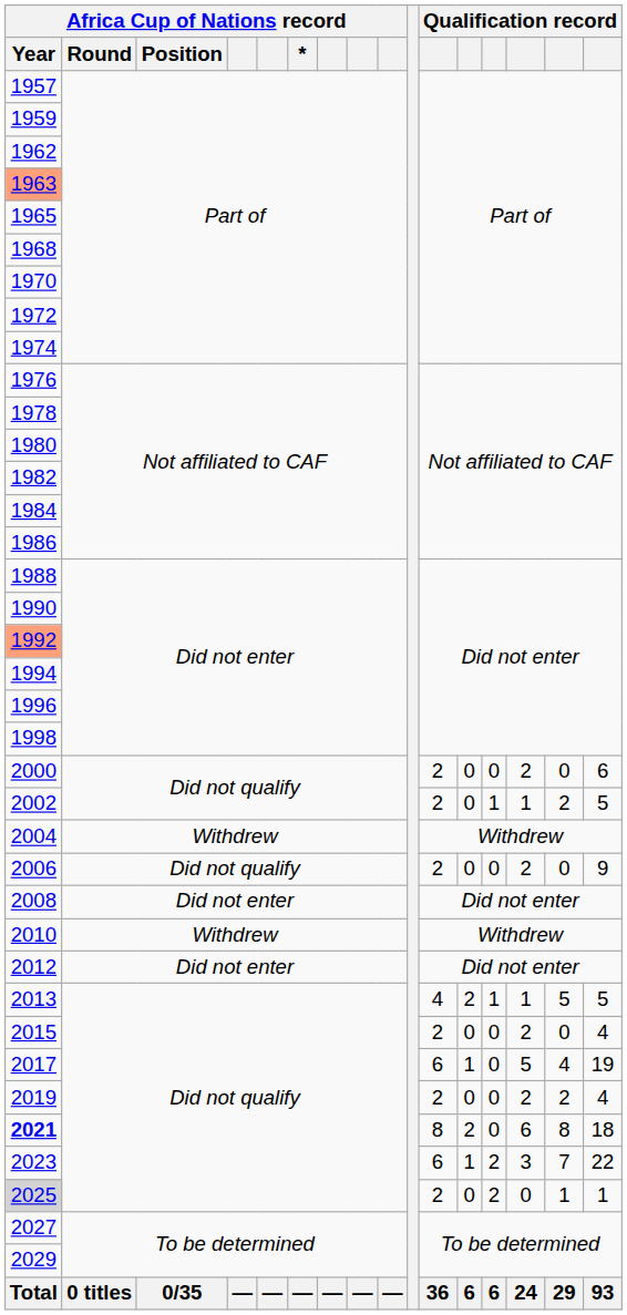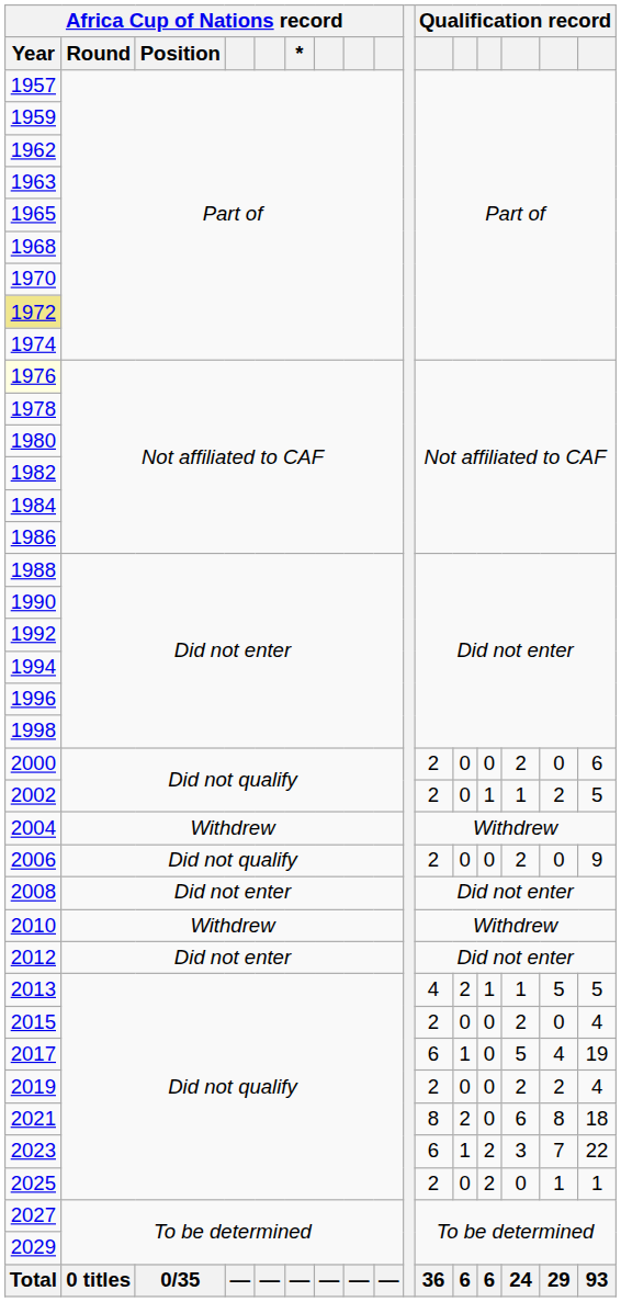 <table class="wikitable" style="text-align: center;">
 <tr>
 <th colspan=9><a href='#'>Africa Cup of Nations</a> record</th>
 <th rowspan="41" width="1"></th>
 <th colspan=6>Qualification record</th>
 </tr>
 <tr>
 <th>Year</th>
 <th>Round</th>
 <th>Position</th>
 <th></th>
 <th></th>
 <th>*</th>
 <th></th>
 <th></th>
 <th></th>
 <th></th>
 <th></th>
 <th></th>
 <th></th>
 <th></th>
 <th></th>
 </tr>
 <tr>
 <td> <a href='#'>1957</a></td>
 <td rowspan=9 colspan=8><em>Part of </em></td>
 <td rowspan=9 colspan=6><em>Part of </em></td>
 </tr>
 <tr>
 <td> <a href='#'>1959</a></td>
 </tr>
 <tr>
 <td> <a href='#'>1962</a></td>
 </tr>
 <tr>
-<td style="background: lightsalmon;"> <a href='#'>1963</a></td>
+<td> <a href='#'>1963</a></td>
 </tr>
 <tr>
 <td> <a href='#'>1965</a></td>
 </tr>
 <tr>
 <td> <a href='#'>1968</a></td>
 </tr>
 <tr>
 <td> <a href='#'>1970</a></td>
 </tr>
 <tr>
-<td> <a href='#'>1972</a></td>
+<td style="background: khaki;"> <a href='#'>1972</a></td>
 </tr>
 <tr>
 <td> <a href='#'>1974</a></td>
 </tr>
 <tr>
-<td> <a href='#'>1976</a></td>
+<td style="background: lightyellow;"> <a href='#'>1976</a></td>
 <td rowspan=6 colspan=8><em>Not affiliated to CAF</em></td>
 <td rowspan=6 colspan=6><em>Not affiliated to CAF</em></td>
 </tr>
 <tr>
 <td> <a href='#'>1978</a></td>
 </tr>
 <tr>
 <td> <a href='#'>1980</a></td>
 </tr>
 <tr>
 <td> <a href='#'>1982</a></td>
 </tr>
 <tr>
 <td> <a href='#'>1984</a></td>
 </tr>
 <tr>
 <td> <a href='#'>1986</a></td>
 </tr>
 <tr>
 <td> <a href='#'>1988</a></td>
 <td colspan=8 rowspan=6><em>Did not enter</em></td>
 <td colspan=6 rowspan=6><em>Did not enter</em></td>
 </tr>
 <tr>
 <td> <a href='#'>1990</a></td>
 </tr>
 <tr>
-<td style="background: lightsalmon;"> <a href='#'>1992</a></td>
+<td> <a href='#'>1992</a></td>
 </tr>
 <tr>
 <td> <a href='#'>1994</a></td>
 </tr>
 <tr>
 <td> <a href='#'>1996</a></td>
 </tr>
 <tr>
 <td> <a href='#'>1998</a></td>
 </tr>
 <tr>
 <td>  <a href='#'>2000</a></td>
 <td colspan=8 rowspan=2><em>Did not qualify</em></td>
 <td>2</td>
 <td>0</td>
 <td>0</td>
 <td>2</td>
 <td>0</td>
 <td>6</td>
 </tr>
 <tr>
 <td> <a href='#'>2002</a></td>
 <td>2</td>
 <td>0</td>
 <td>1</td>
 <td>1</td>
 <td>2</td>
 <td>5</td>
 </tr>
 <tr>
 <td> <a href='#'>2004</a></td>
 <td colspan=8><em>Withdrew</em></td>
 <td colspan=6><em>Withdrew</em></td>
 </tr>
 <tr>
 <td> <a href='#'>2006</a></td>
 <td colspan=8><em>Did not qualify</em></td>
 <td>2</td>
 <td>0</td>
 <td>0</td>
 <td>2</td>
 <td>0</td>
 <td>9</td>
 </tr>
 <tr>
 <td> <a href='#'>2008</a></td>
 <td colspan=8><em>Did not enter</em></td>
 <td colspan=6><em>Did not enter</em></td>
 </tr>
 <tr>
 <td> <a href='#'>2010</a></td>
 <td colspan=8><em>Withdrew</em></td>
 <td colspan=6><em>Withdrew</em></td>
 </tr>
 <tr>
 <td>  <a href='#'>2012</a></td>
 <td colspan=8><em>Did not enter</em></td>
 <td colspan=6><em>Did not enter</em></td>
 </tr>
 <tr>
 <td> <a href='#'>2013</a></td>
 <td rowspan=7 colspan=8><em>Did not qualify</em></td>
 <td>4</td>
 <td>2</td>
 <td>1</td>
 <td>1</td>
 <td>5</td>
 <td>5</td>
 </tr>
 <tr>
 <td> <a href='#'>2015</a></td>
 <td>2</td>
 <td>0</td>
 <td>0</td>
 <td>2</td>
 <td>0</td>
 <td>4</td>
 </tr>
 <tr>
 <td> <a href='#'>2017</a></td>
 <td>6</td>
 <td>1</td>
 <td>0</td>
 <td>5</td>
 <td>4</td>
 <td>19</td>
 </tr>
 <tr>
 <td> <a href='#'>2019</a></td>
 <td>2</td>
 <td>0</td>
 <td>0</td>
 <td>2</td>
 <td>2</td>
 <td>4</td>
 </tr>
 <tr>
-<td><strong> <a href='#'>2021</a></strong></td>
+<td> <a href='#'>2021</a></td>
 <td>8</td>
 <td>2</td>
 <td>0</td>
 <td>6</td>
 <td>8</td>
 <td>18</td>
 </tr>
 <tr>
 <td> <a href='#'>2023</a></td>
 <td>6</td>
 <td>1</td>
 <td>2</td>
 <td>3</td>
 <td>7</td>
 <td>22</td>
 </tr>
 <tr>
-<td style="background: lightgrey;"> <a href='#'>2025</a></td>
+<td> <a href='#'>2025</a></td>
 <td>2</td>
 <td>0</td>
 <td>2</td>
 <td>0</td>
 <td>1</td>
 <td>1</td>
 </tr>
 <tr>
 <td>   <a href='#'>2027</a></td>
 <td colspan="8" rowspan="2"><em>To be determined</em></td>
 <td colspan="6" rowspan="2"><em>To be determined</em></td>
 </tr>
 <tr>
 <td> <a href='#'>2029</a></td>
 </tr>
 <tr>
 <th><strong>Total</strong></th>
 <th><strong>0 titles</strong></th>
 <th><strong>0/35</strong></th>
 <th><strong>—</strong></th>
 <th><strong>—</strong></th>
 <th><strong>—</strong></th>
 <th><strong>—</strong></th>
 <th><strong>—</strong></th>
 <th><strong>—</strong></th>
 <th>36</th>
 <th>6</th>
 <th>6</th>
 <th>24</th>
 <th>29</th>
 <th>93</th>
 </tr>
 </table>
